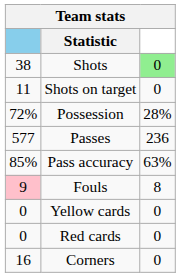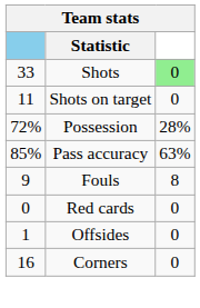 <table class="wikitable" style="margin-left: auto; margin-right: auto; border: none; text-align:center;">
 <tr>
 <th colspan=3>Team stats</th>
 </tr>
 <tr>
 <th style="background: #87CEEB; color: #FFFFFF;"> <a href='#'></a></th>
 <th>Statistic</th>
 <th style="background: #FFFFFF; color: #DA2D1C;"> <a href='#'></a></th>
 </tr>
 <tr>
-<td>38</td>
+<td>33</td>
 <td>Shots</td>
 <td style="background: lightgreen;">0</td>
 </tr>
 <tr>
 <td>11</td>
 <td>Shots on target</td>
 <td>0</td>
 </tr>
 <tr>
 <td>72%</td>
 <td>Possession</td>
 <td>28%</td>
 </tr>
 <tr>
-<td>577</td>
-<td>Passes</td>
-<td>236</td>
-</tr>
-<tr>
 <td>85%</td>
 <td>Pass accuracy</td>
 <td>63%</td>
 </tr>
 <tr>
-<td style="background: pink;">9</td>
+<td>9</td>
 <td>Fouls</td>
 <td>8</td>
 </tr>
 <tr>
 <td>0</td>
-<td>Yellow cards</td>
+<td>Red cards</td>
 <td>0</td>
 </tr>
 <tr>
-<td>0</td>
-<td>Red cards</td>
+<td>1</td>
+<td>Offsides</td>
 <td>0</td>
 </tr>
 <tr>
 <td>16</td>
 <td>Corners</td>
 <td>0</td>
 </tr>
 </table>
